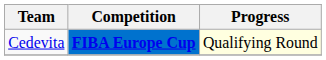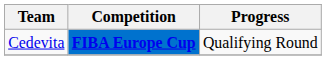 <table class="wikitable sortable">
 <tr>
 <th>Team</th>
 <th>Competition</th>
 <th>Progress</th>
 </tr>
 <tr>
 <td><a href='#'>Cedevita</a></td>
 <td rowspan="1" style="background-color:#0072CE;color:white;text-align:center"><strong><span><a href='#'>FIBA Europe Cup</a></span></strong></td>
-<td style="background: lightyellow;">Qualifying Round</td>
+<td>Qualifying Round</td>
 </tr>
 <tr>
 </tr>
 </table>
